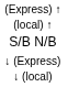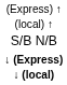 <table style="text-align:center;">
 <tr>
 <td><small>  (Express) ↑ <br>  (local) ↑ </small></td>
 </tr>
 <tr>
 <td><span>S/B</span>   <span>N/B</span></td>
 </tr>
 <tr>
-<td><small> ↓  (Express)<br> ↓  (local)</small></td>
+<td><strong><small> ↓  (Express)<br> ↓  (local)</small></strong></td>
 </tr>
 </table>
